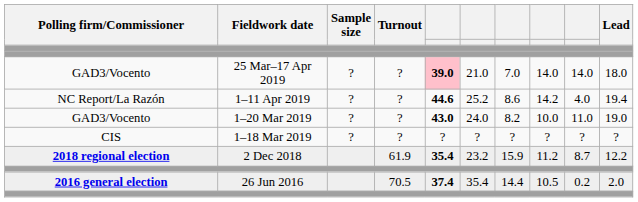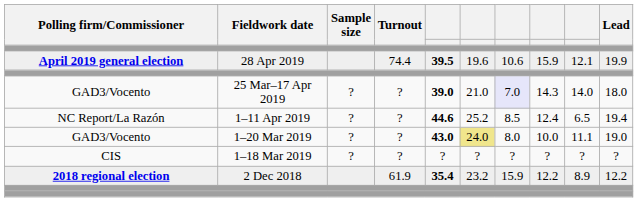 <table class="wikitable collapsible collapsed" style="text-align:center; font-size:95%; line-height:16px;">
 <tr style="height:42px;">
 <th style="width:250px;" rowspan="2">Polling firm/Commissioner</th>
 <th style="width:125px;" rowspan="2">Fieldwork date</th>
 <th style="width:50px;" rowspan="2">Sample size</th>
 <th style="width:45px;" rowspan="2">Turnout</th>
 <th style="width:35px;"></th>
 <th style="width:35px;"></th>
 <th style="width:35px;"></th>
 <th style="width:35px;"></th>
 <th style="width:35px;"></th>
 <th style="width:30px;" rowspan="2">Lead</th>
 </tr>
 <tr>
 <th style="color:inherit;background:"></th>
 <th style="color:inherit;background:"></th>
 <th style="color:inherit;background:"></th>
 <th style="color:inherit;background:"></th>
 <th style="color:inherit;background:"></th>
 </tr>
 <tr>
 <td colspan="10" style="background:#A0A0A0"></td>
 </tr>
+<tr style="background:#EFEFEF;">
+<td><strong><a href='#'>April 2019 general election</a></strong></td>
+<td>28 Apr 2019</td>
+<td></td>
+<td>74.4</td>
+<td><strong>39.5</strong><br></td>
+<td>19.6<br></td>
+<td>10.6<br></td>
+<td>15.9<br></td>
+<td>12.1<br></td>
+<td style="background:">19.9</td>
+</tr>
 <tr>
 <td colspan="10" style="background:#A0A0A0"></td>
 </tr>
 <tr>
 <td>GAD3/Vocento</td>
 <td>25 Mar–17 Apr 2019</td>
 <td>?</td>
 <td>?</td>
-<td style="background: pink;"><strong>39.0</strong><br></td>
+<td><strong>39.0</strong><br></td>
 <td>21.0<br></td>
-<td>7.0<br></td>
-<td>14.0<br></td>
+<td style="background: lavender;">7.0<br></td>
+<td>14.3<br></td>
 <td>14.0<br></td>
 <td style="background:">18.0</td>
 </tr>
 <tr>
 <td>NC Report/La Razón</td>
 <td>1–11 Apr 2019</td>
 <td>?</td>
 <td>?</td>
 <td><strong>44.6</strong><br></td>
 <td>25.2<br></td>
-<td>8.6<br></td>
-<td>14.2<br></td>
-<td>4.0<br></td>
+<td>8.5<br></td>
+<td>12.4<br></td>
+<td>6.5<br></td>
 <td style="background:">19.4</td>
 </tr>
 <tr>
 <td>GAD3/Vocento</td>
 <td>1–20 Mar 2019</td>
 <td>?</td>
 <td>?</td>
 <td><strong>43.0</strong><br></td>
-<td>24.0<br></td>
-<td>8.2<br></td>
+<td style="background: khaki;">24.0<br></td>
+<td>8.0<br></td>
 <td>10.0<br></td>
-<td>11.0<br></td>
+<td>11.1<br></td>
 <td style="background:">19.0</td>
 </tr>
 <tr>
 <td>CIS</td>
 <td>1–18 Mar 2019</td>
 <td>?</td>
 <td>?</td>
 <td>?<br></td>
 <td>?<br></td>
 <td>?<br></td>
 <td>?<br></td>
 <td>?<br></td>
 <td style="background:">?</td>
 </tr>
 <tr style="background:#EFEFEF;">
 <td><strong><a href='#'>2018 regional election</a></strong></td>
 <td>2 Dec 2018</td>
 <td></td>
 <td>61.9</td>
 <td><strong>35.4</strong><br></td>
 <td>23.2<br></td>
 <td>15.9<br></td>
-<td>11.2<br></td>
-<td>8.7<br></td>
+<td>12.2<br></td>
+<td>8.9<br></td>
 <td style="background:">12.2</td>
 </tr>
 <tr>
 <td colspan="10" style="background:#A0A0A0"></td>
 </tr>
-<tr style="background:#EFEFEF;">
-<td><strong><a href='#'>2016 general election</a></strong></td>
-<td>26 Jun 2016</td>
-<td></td>
-<td>70.5</td>
-<td><strong>37.4</strong><br></td>
-<td>35.4<br></td>
-<td>14.4<br></td>
-<td>10.5<br></td>
-<td>0.2<br></td>
-<td style="background:">2.0</td>
-</tr>
 <tr>
 <td colspan="10" style="background:#A0A0A0"></td>
 </tr>
 </table>
